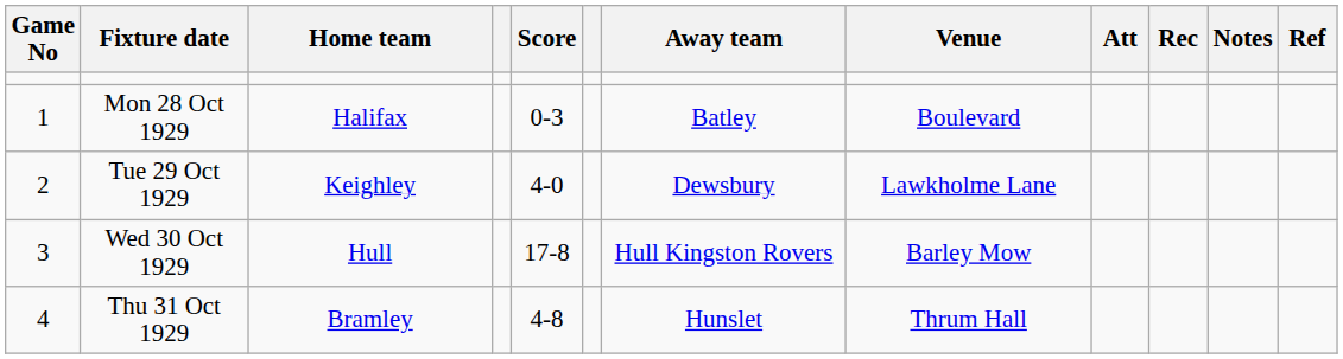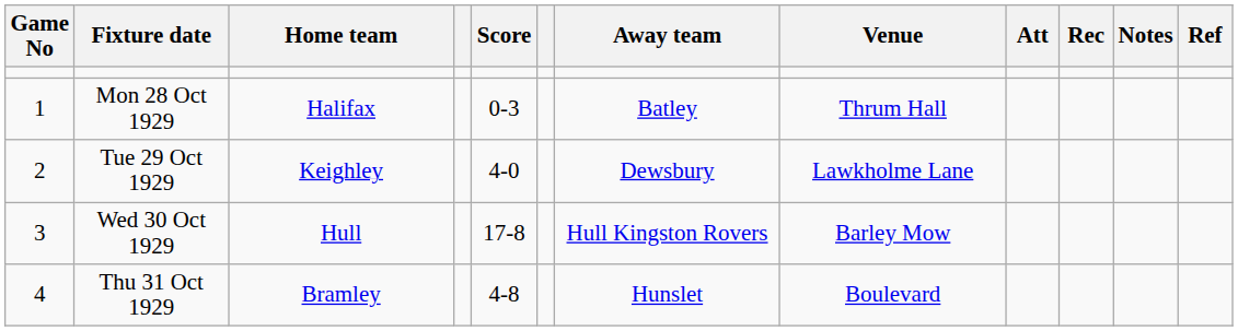 <table class="wikitable" style="text-align:center;">
 <tr>
 <th width=20 abbr="No">Game No</th>
 <th width=100 abbr="Date">Fixture date</th>
 <th width=150 abbr="Home team">Home team</th>
 <th width=5 abbr="space"></th>
 <th width=20 abbr="Score">Score</th>
 <th width=5 abbr="space"></th>
 <th width=150 abbr="Away team">Away team</th>
 <th width=150 abbr="Venue">Venue</th>
 <th width=30 abbr="Att">Att</th>
 <th width=30 abbr="Rec">Rec</th>
 <th width=20 abbr="Notes">Notes</th>
 <th width=30 abbr="Ref">Ref</th>
 </tr>
 <tr>
 <td></td>
 <td></td>
 <td></td>
 <td></td>
 <td></td>
 <td></td>
 <td></td>
 <td></td>
 <td></td>
 <td></td>
 <td></td>
 </tr>
 <tr>
 <td>1</td>
 <td>Mon 28 Oct 1929</td>
 <td><a href='#'>Halifax</a></td>
 <td></td>
 <td>0-3</td>
 <td></td>
 <td><a href='#'>Batley</a></td>
-<td><a href='#'>Boulevard</a></td>
+<td><a href='#'>Thrum Hall</a></td>
 <td></td>
 <td></td>
 <td></td>
 <td></td>
 </tr>
 <tr>
 <td>2</td>
 <td>Tue  29 Oct 1929</td>
 <td><a href='#'>Keighley</a></td>
 <td></td>
 <td>4-0</td>
 <td></td>
 <td><a href='#'>Dewsbury</a></td>
 <td><a href='#'>Lawkholme Lane</a></td>
 <td></td>
 <td></td>
 <td></td>
 <td></td>
 </tr>
 <tr>
 <td>3</td>
 <td>Wed 30 Oct 1929</td>
 <td><a href='#'>Hull</a></td>
 <td></td>
 <td>17-8</td>
 <td></td>
 <td><a href='#'>Hull Kingston Rovers</a></td>
 <td><a href='#'>Barley Mow</a></td>
 <td></td>
 <td></td>
 <td></td>
 <td></td>
 </tr>
 <tr>
 <td>4</td>
 <td>Thu 31 Oct 1929</td>
 <td><a href='#'>Bramley</a></td>
 <td></td>
 <td>4-8</td>
 <td></td>
 <td><a href='#'>Hunslet</a></td>
-<td><a href='#'>Thrum Hall</a></td>
+<td><a href='#'>Boulevard</a></td>
 <td></td>
 <td></td>
 <td></td>
 <td></td>
 </tr>
 </table>
